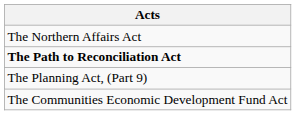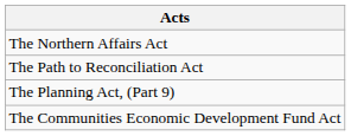 <table class="wikitable sortable">
 <tr>
 <th>Acts</th>
 </tr>
 <tr>
 <td>The Northern Affairs Act</td>
 </tr>
 <tr>
-<td><strong>The Path to Reconciliation Act</strong></td>
+<td>The Path to Reconciliation Act</td>
 </tr>
 <tr>
 <td>The Planning Act, (Part 9)</td>
 </tr>
 <tr>
 <td>The Communities Economic Development Fund Act</td>
 </tr>
 </table>
